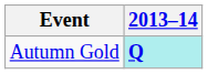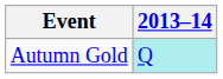 <table class="wikitable" border="1">
 <tr>
 <th>Event</th>
 <th><a href='#'>2013–14</a></th>
 </tr>
 <tr>
 <td><a href='#'>Autumn Gold</a></td>
-<td style="background:#afeeee;"><strong><a href='#'>Q</a></strong></td>
+<td style="background:#afeeee;"><a href='#'>Q</a></td>
 </tr>
 </table>
